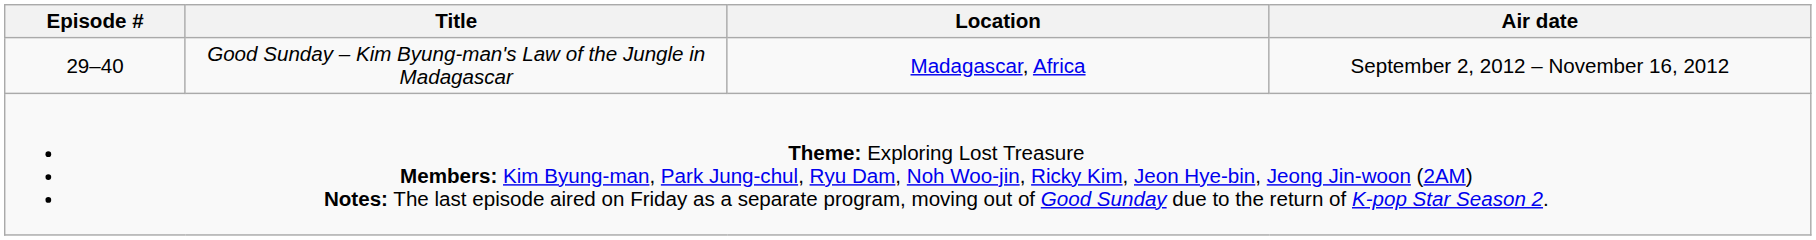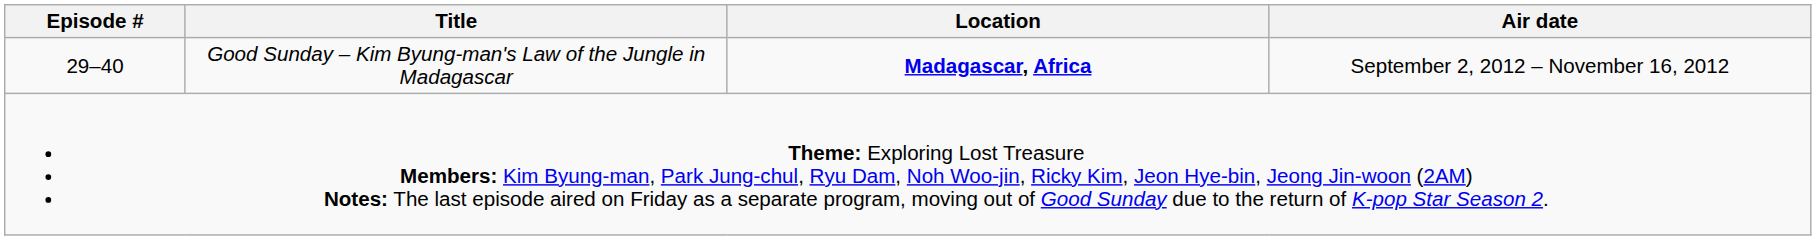 <table class="wikitable" style="text-align:center; font-size:90%; width:100%;">
 <tr>
 <th width="10%">Episode #</th>
 <th width="30%">Title</th>
 <th width="30%">Location</th>
 <th width="30%">Air date</th>
 </tr>
 <tr>
 <td>29–40</td>
 <td><em>Good Sunday – Kim Byung-man's Law of the Jungle in Madagascar</em></td>
-<td><a href='#'>Madagascar</a>, <a href='#'>Africa</a></td>
+<td><strong><a href='#'>Madagascar</a>, <a href='#'>Africa</a></strong></td>
 <td>September 2, 2012 – November 16, 2012</td>
 </tr>
 <tr>
 <td colspan="4"><br><ul><li><strong>Theme:</strong> Exploring Lost Treasure</li><li><strong>Members:</strong> <a href='#'>Kim Byung-man</a>, <a href='#'>Park Jung-chul</a>, <a href='#'>Ryu Dam</a>, <a href='#'>Noh Woo-jin</a>, <a href='#'>Ricky Kim</a>, <a href='#'>Jeon Hye-bin</a>, <a href='#'>Jeong Jin-woon</a> (<a href='#'>2AM</a>)</li><li><strong>Notes:</strong> The last episode aired on Friday as a separate program, moving out of <em><a href='#'>Good Sunday</a></em> due to the return of <em><a href='#'>K-pop Star Season 2</a></em>.</li></ul></td>
 </tr>
 </table>
